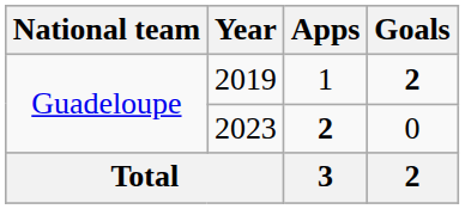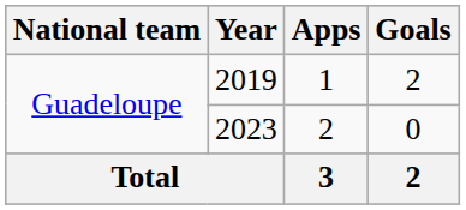 <table class="wikitable" style="text-align:center">
 <tr>
 <th>National team</th>
 <th>Year</th>
 <th>Apps</th>
 <th>Goals</th>
 </tr>
 <tr>
 <td rowspan="2"><a href='#'>Guadeloupe</a></td>
 <td>2019</td>
 <td>1</td>
-<td><strong>2</strong></td>
+<td>2</td>
 </tr>
 <tr>
 <td>2023</td>
-<td><strong>2</strong></td>
+<td>2</td>
 <td>0</td>
 </tr>
 <tr>
 <th colspan="2">Total</th>
 <th>3</th>
 <th>2</th>
 </tr>
 </table>
